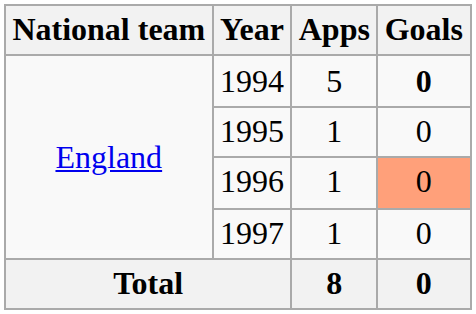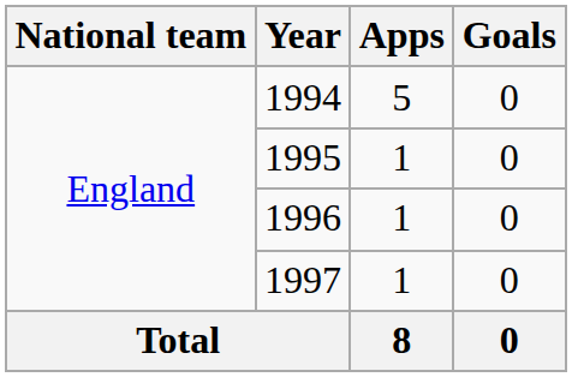 <table class="wikitable" style="text-align:center">
 <tr>
 <th>National team</th>
 <th>Year</th>
 <th>Apps</th>
 <th>Goals</th>
 </tr>
 <tr>
 <td rowspan="4"><a href='#'>England</a></td>
 <td>1994</td>
 <td>5</td>
-<td><strong>0</strong></td>
+<td>0</td>
 </tr>
 <tr>
 <td>1995</td>
 <td>1</td>
 <td>0</td>
 </tr>
 <tr>
 <td>1996</td>
 <td>1</td>
-<td style="background: lightsalmon;">0</td>
+<td>0</td>
 </tr>
 <tr>
 <td>1997</td>
 <td>1</td>
 <td>0</td>
 </tr>
 <tr>
 <th colspan="2">Total</th>
 <th>8</th>
 <th>0</th>
 </tr>
 </table>
